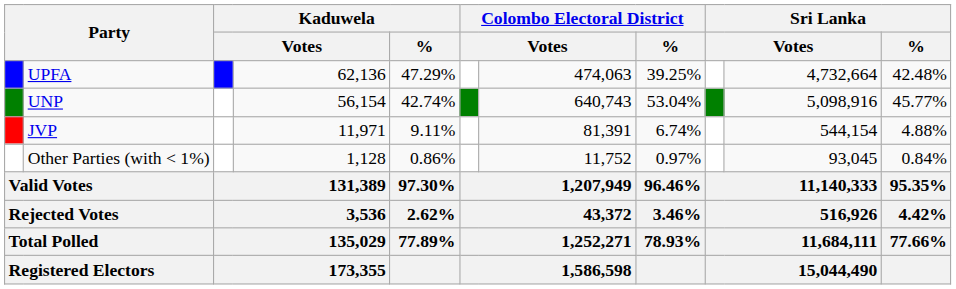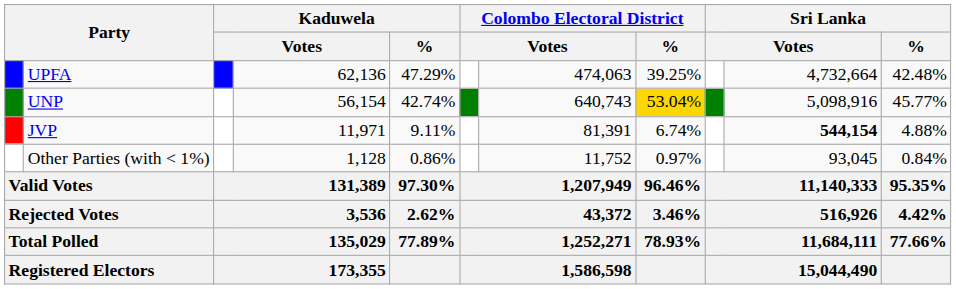 <table class="wikitable">
 <tr>
 <th colspan="2" width="144px"rowspan="2">Party</th>
 <th colspan="3" width="216px">Kaduwela</th>
 <th colspan="3" width="216px"><a href='#'>Colombo Electoral District</a></th>
 <th colspan="3" width="216px">Sri Lanka</th>
 </tr>
 <tr>
 <th colspan="2" width="144px">Votes</th>
 <th>%</th>
 <th colspan="2" width="144px">Votes</th>
 <th>%</th>
 <th colspan="2" width="144px">Votes</th>
 <th>%</th>
 </tr>
 <tr>
 <td style="background-color:blue;" width="10px"></td>
 <td style="text-align:left;"><a href='#'>UPFA</a></td>
 <td style="background-color:blue;" width="10px"></td>
 <td style="text-align:right;">62,136</td>
 <td style="text-align:right;">47.29%</td>
 <td style="background-color:white;" width="10px"></td>
 <td style="text-align:right;">474,063</td>
 <td style="text-align:right;">39.25%</td>
 <td style="background-color:white;" width="10px"></td>
 <td style="text-align:right;">4,732,664</td>
 <td style="text-align:right;">42.48%</td>
 </tr>
 <tr>
 <td style="background-color:green;" width="10px"></td>
 <td style="text-align:left;"><a href='#'>UNP</a></td>
 <td style="background-color:white;" width="10px"></td>
 <td style="text-align:right;">56,154</td>
 <td style="text-align:right;">42.74%</td>
 <td style="background-color:green;" width="10px"></td>
 <td style="text-align:right;">640,743</td>
-<td style="text-align:right;">53.04%</td>
+<td style="background: gold; text-align:right;">53.04%</td>
 <td style="background-color:green;" width="10px"></td>
 <td style="text-align:right;">5,098,916</td>
 <td style="text-align:right;">45.77%</td>
 </tr>
 <tr>
 <td style="background-color:red;" width="10px"></td>
 <td style="text-align:left;"><a href='#'>JVP</a></td>
 <td style="background-color:white;" width="10px"></td>
 <td style="text-align:right;">11,971</td>
 <td style="text-align:right;">9.11%</td>
 <td style="background-color:white;" width="10px"></td>
 <td style="text-align:right;">81,391</td>
 <td style="text-align:right;">6.74%</td>
 <td style="background-color:white;" width="10px"></td>
-<td style="text-align:right;">544,154</td>
+<td style="text-align:right;"><strong>544,154</strong></td>
 <td style="text-align:right;">4.88%</td>
 </tr>
 <tr>
 <td style="background-color:white;" width="10px"></td>
 <td style="text-align:left;">Other Parties (with < 1%)</td>
 <td style="background-color:white;" width="10px"></td>
 <td style="text-align:right;">1,128</td>
 <td style="text-align:right;">0.86%</td>
 <td style="background-color:white;" width="10px"></td>
 <td style="text-align:right;">11,752</td>
 <td style="text-align:right;">0.97%</td>
 <td style="background-color:white;" width="10px"></td>
 <td style="text-align:right;">93,045</td>
 <td style="text-align:right;">0.84%</td>
 </tr>
 <tr>
 <th colspan="2" width="144px"style="text-align:left;">Valid Votes</th>
 <th style="text-align:right;"colspan="2" width="144px">131,389</th>
 <th style="text-align:right;">97.30%</th>
 <th style="text-align:right;"colspan="2" width="144px">1,207,949</th>
 <th style="text-align:right;">96.46%</th>
 <th style="text-align:right;"colspan="2" width="144px">11,140,333</th>
 <th style="text-align:right;">95.35%</th>
 </tr>
 <tr>
 <th colspan="2" width="144px"style="text-align:left;">Rejected Votes</th>
 <th style="text-align:right;"colspan="2" width="144px">3,536</th>
 <th style="text-align:right;">2.62%</th>
 <th style="text-align:right;"colspan="2" width="144px">43,372</th>
 <th style="text-align:right;">3.46%</th>
 <th style="text-align:right;"colspan="2" width="144px">516,926</th>
 <th style="text-align:right;">4.42%</th>
 </tr>
 <tr>
 <th colspan="2" width="144px"style="text-align:left;">Total Polled</th>
 <th style="text-align:right;"colspan="2" width="144px">135,029</th>
 <th style="text-align:right;">77.89%</th>
 <th style="text-align:right;"colspan="2" width="144px">1,252,271</th>
 <th style="text-align:right;">78.93%</th>
 <th style="text-align:right;"colspan="2" width="144px">11,684,111</th>
 <th style="text-align:right;">77.66%</th>
 </tr>
 <tr>
 <th colspan="2" width="144px"style="text-align:left;">Registered Electors</th>
 <th style="text-align:right;"colspan="2" width="144px">173,355</th>
 <th></th>
 <th style="text-align:right;"colspan="2" width="144px">1,586,598</th>
 <th></th>
 <th style="text-align:right;"colspan="2" width="144px">15,044,490</th>
 <th></th>
 </tr>
 </table>
